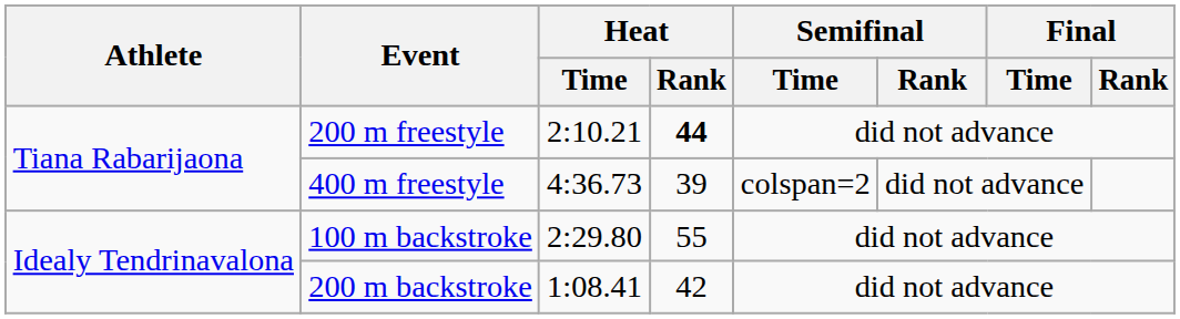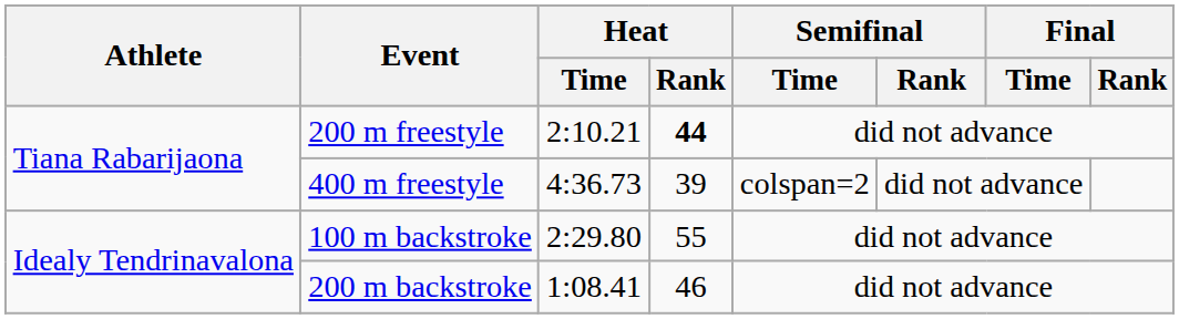 <table class="wikitable" style="text-align:center; font-size:90%">
 <tr>
 <th rowspan="2">Athlete</th>
 <th rowspan="2">Event</th>
 <th colspan="2">Heat</th>
 <th colspan="2">Semifinal</th>
 <th colspan="2">Final</th>
 </tr>
 <tr style="font-size:95%">
 <th>Time</th>
 <th>Rank</th>
 <th>Time</th>
 <th>Rank</th>
 <th>Time</th>
 <th>Rank</th>
 </tr>
 <tr>
 <td align=left rowspan=2><a href='#'>Tiana Rabarijaona</a></td>
 <td align=left><a href='#'>200 m freestyle</a></td>
 <td>2:10.21</td>
 <td><strong>44</strong></td>
 <td colspan=4>did not advance</td>
 </tr>
 <tr>
 <td align=left><a href='#'>400 m freestyle</a></td>
 <td>4:36.73</td>
 <td>39</td>
 <td>colspan=2</td>
 <td colspan=2>did not advance</td>
 </tr>
 <tr>
 <td align=left rowspan=2><a href='#'>Idealy Tendrinavalona</a></td>
 <td align=left><a href='#'>100 m backstroke</a></td>
 <td>2:29.80</td>
 <td>55</td>
 <td colspan=4>did not advance</td>
 </tr>
 <tr>
 <td align=left><a href='#'>200 m backstroke</a></td>
 <td>1:08.41</td>
-<td>42</td>
+<td>46</td>
 <td colspan=4>did not advance</td>
 </tr>
 </table>
